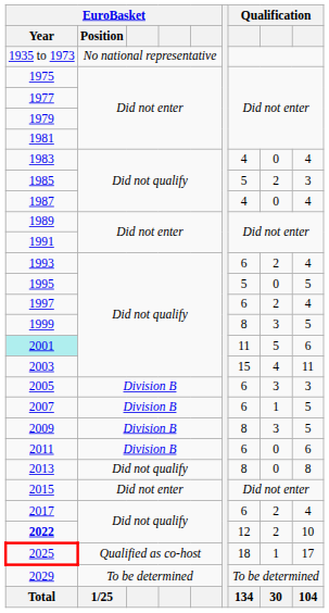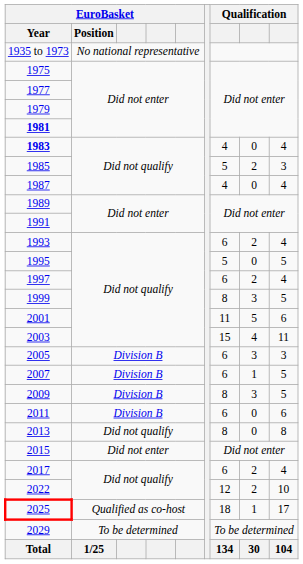 <table class="wikitable" style="text-align: center;font-size:90%;">
 <tr>
 <th colspan=5><a href='#'>EuroBasket</a></th>
 <th rowspan=29></th>
 <th colspan=3>Qualification</th>
 </tr>
 <tr>
 <th>Year</th>
 <th>Position</th>
 <th width=30></th>
 <th width=30></th>
 <th width=30></th>
 <th width=30></th>
 <th width=30></th>
 <th width=30></th>
 </tr>
 <tr>
 <td><a href='#'>1935</a> to <a href='#'>1973</a></td>
 <td colspan=4><em>No national representative</em></td>
 </tr>
 <tr>
 <td> <a href='#'>1975</a></td>
 <td colspan=4 rowspan=4><em>Did not enter</em></td>
 <td colspan=3 rowspan=4><em>Did not enter</em></td>
 </tr>
 <tr>
 <td> <a href='#'>1977</a></td>
 </tr>
 <tr>
 <td> <a href='#'>1979</a></td>
 </tr>
 <tr>
-<td> <a href='#'>1981</a></td>
+<td><strong> <a href='#'>1981</a></strong></td>
 </tr>
 <tr>
-<td> <a href='#'>1983</a></td>
+<td><strong> <a href='#'>1983</a></strong></td>
 <td colspan=4 rowspan=3><em>Did not qualify</em></td>
 <td>4</td>
 <td>0</td>
 <td>4</td>
 </tr>
 <tr>
 <td> <a href='#'>1985</a></td>
 <td>5</td>
 <td>2</td>
 <td>3</td>
 </tr>
 <tr>
 <td> <a href='#'>1987</a></td>
 <td>4</td>
 <td>0</td>
 <td>4</td>
 </tr>
 <tr>
 <td> <a href='#'>1989</a></td>
 <td colspan=4 rowspan=2><em>Did not enter</em></td>
 <td colspan=4 rowspan=2><em>Did not enter</em></td>
 </tr>
 <tr>
 <td> <a href='#'>1991</a></td>
 </tr>
 <tr>
 <td> <a href='#'>1993</a></td>
 <td colspan=4 rowspan=6><em>Did not qualify</em></td>
 <td>6</td>
 <td>2</td>
 <td>4</td>
 </tr>
 <tr>
 <td> <a href='#'>1995</a></td>
 <td>5</td>
 <td>0</td>
 <td>5</td>
 </tr>
 <tr>
 <td> <a href='#'>1997</a></td>
 <td>6</td>
 <td>2</td>
 <td>4</td>
 </tr>
 <tr>
 <td> <a href='#'>1999</a></td>
 <td>8</td>
 <td>3</td>
 <td>5</td>
 </tr>
 <tr>
-<td style="background: paleturquoise;"> <a href='#'>2001</a></td>
+<td> <a href='#'>2001</a></td>
 <td>11</td>
 <td>5</td>
 <td>6</td>
 </tr>
 <tr>
 <td> <a href='#'>2003</a></td>
 <td>15</td>
 <td>4</td>
 <td>11</td>
 </tr>
 <tr>
 <td> <a href='#'>2005</a></td>
 <td colspan=4><em><a href='#'>Division B</a></em></td>
 <td>6</td>
 <td>3</td>
 <td>3</td>
 </tr>
 <tr>
 <td> <a href='#'>2007</a></td>
 <td colspan=4><em><a href='#'>Division B</a></em></td>
 <td>6</td>
 <td>1</td>
 <td>5</td>
 </tr>
 <tr>
 <td> <a href='#'>2009</a></td>
 <td colspan=4><em><a href='#'>Division B</a></em></td>
 <td>8</td>
 <td>3</td>
 <td>5</td>
 </tr>
 <tr>
 <td> <a href='#'>2011</a></td>
 <td colspan=4><em><a href='#'>Division B</a></em></td>
 <td>6</td>
 <td>0</td>
 <td>6</td>
 </tr>
 <tr>
 <td> <a href='#'>2013</a></td>
 <td colspan=4><em>Did not qualify</em></td>
 <td>8</td>
 <td>0</td>
 <td>8</td>
 </tr>
 <tr>
 <td> <a href='#'>2015</a></td>
 <td colspan=4><em>Did not enter</em></td>
 <td colspan=3><em>Did not enter</em></td>
 </tr>
 <tr>
 <td> <a href='#'>2017</a></td>
 <td colspan=4 rowspan=2><em>Did not qualify</em></td>
 <td>6</td>
 <td>2</td>
 <td>4</td>
 </tr>
 <tr>
-<td><strong> <a href='#'>2022</a></strong></td>
+<td> <a href='#'>2022</a></td>
 <td>12</td>
 <td>2</td>
 <td>10</td>
 </tr>
 <tr>
 <td style="border: 3px solid red"> <a href='#'>2025</a></td>
 <td colspan=4><em>Qualified as co-host</em></td>
 <td>18</td>
 <td>1</td>
 <td>17</td>
 </tr>
 <tr>
 <td> <a href='#'>2029</a></td>
 <td colspan=4><em>To be determined</em></td>
 <td colspan=3><em>To be determined</em></td>
 </tr>
 <tr>
 <th>Total</th>
 <th>1/25</th>
 <th></th>
 <th></th>
 <th></th>
 <th>134</th>
 <th>30</th>
 <th>104</th>
 </tr>
 </table>
